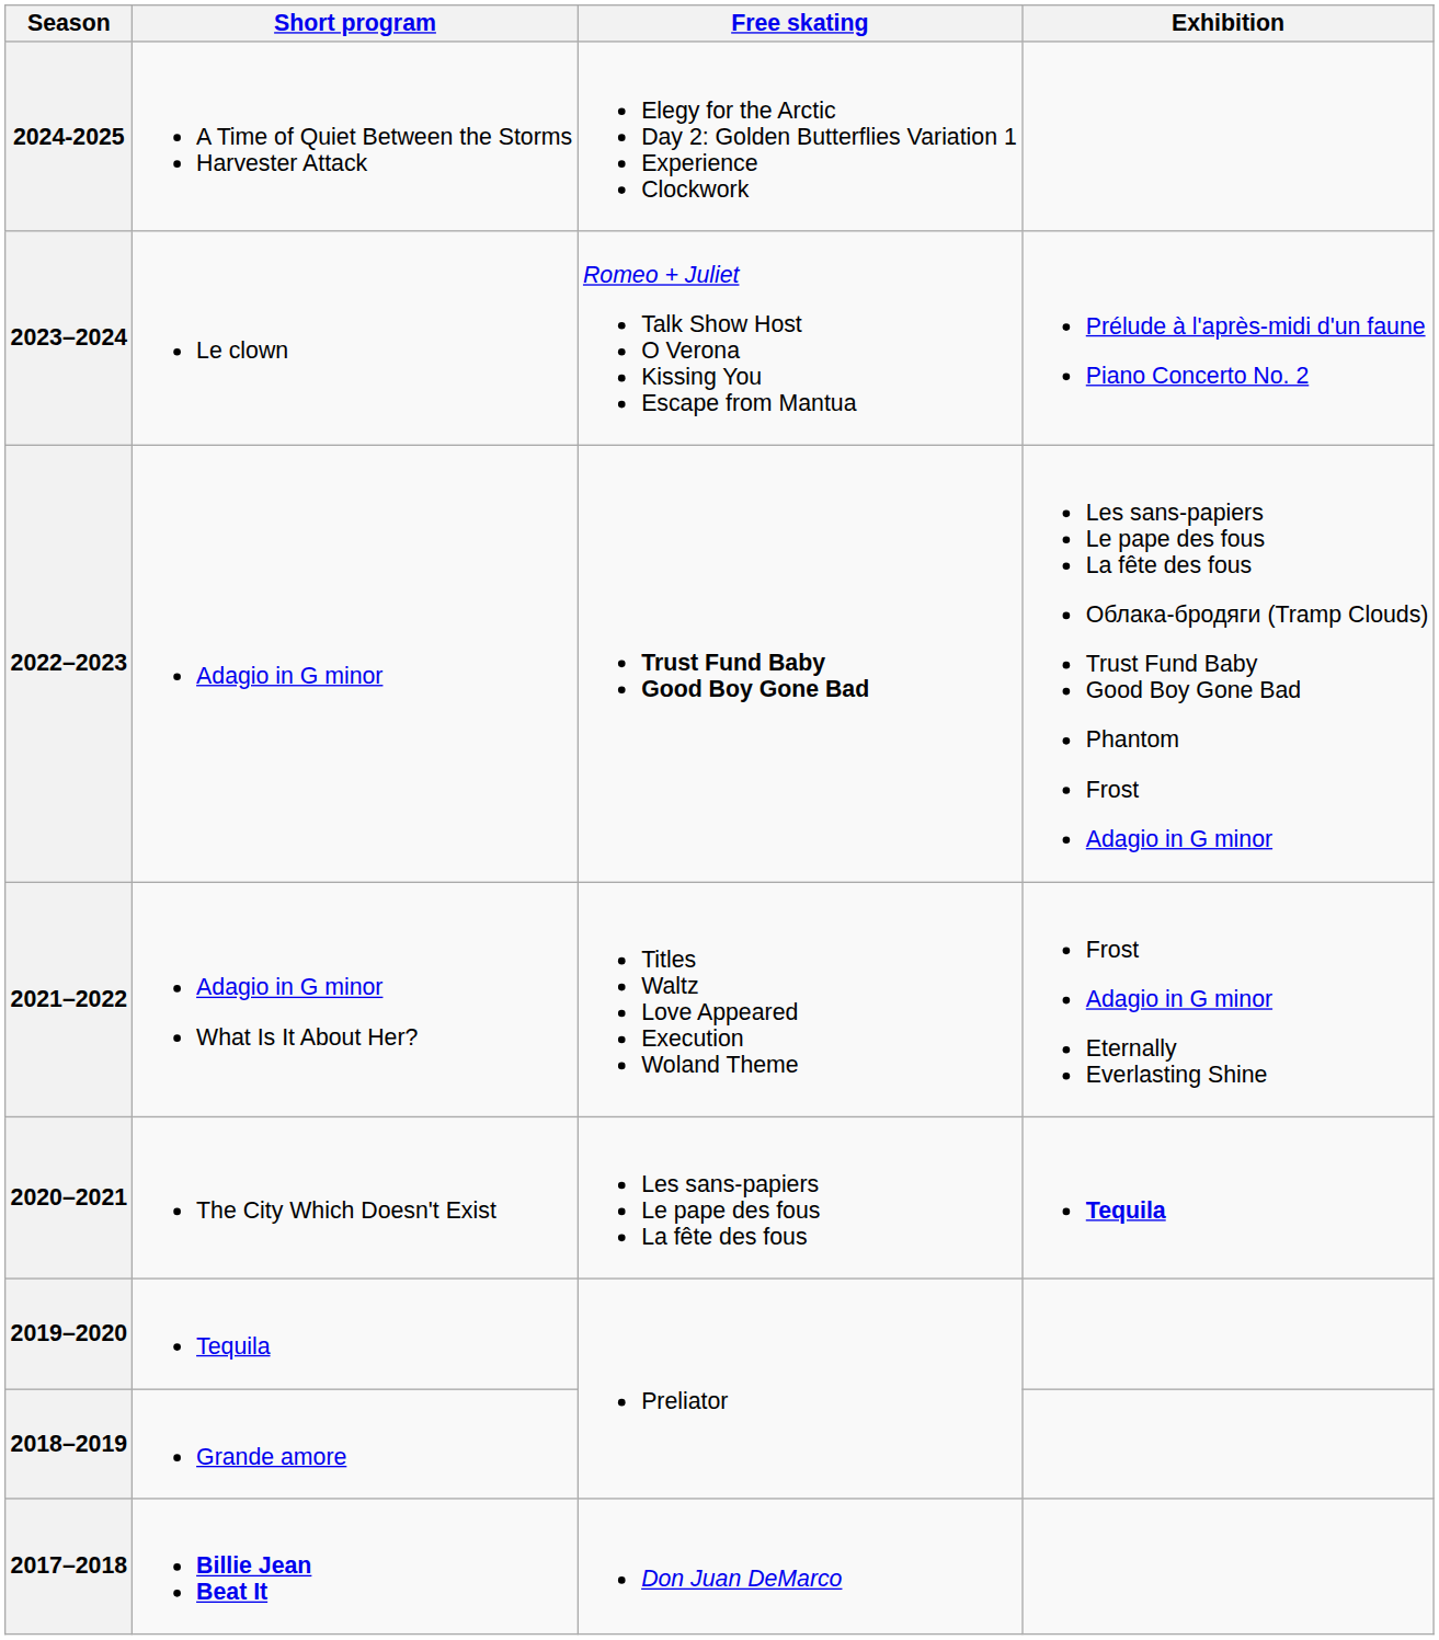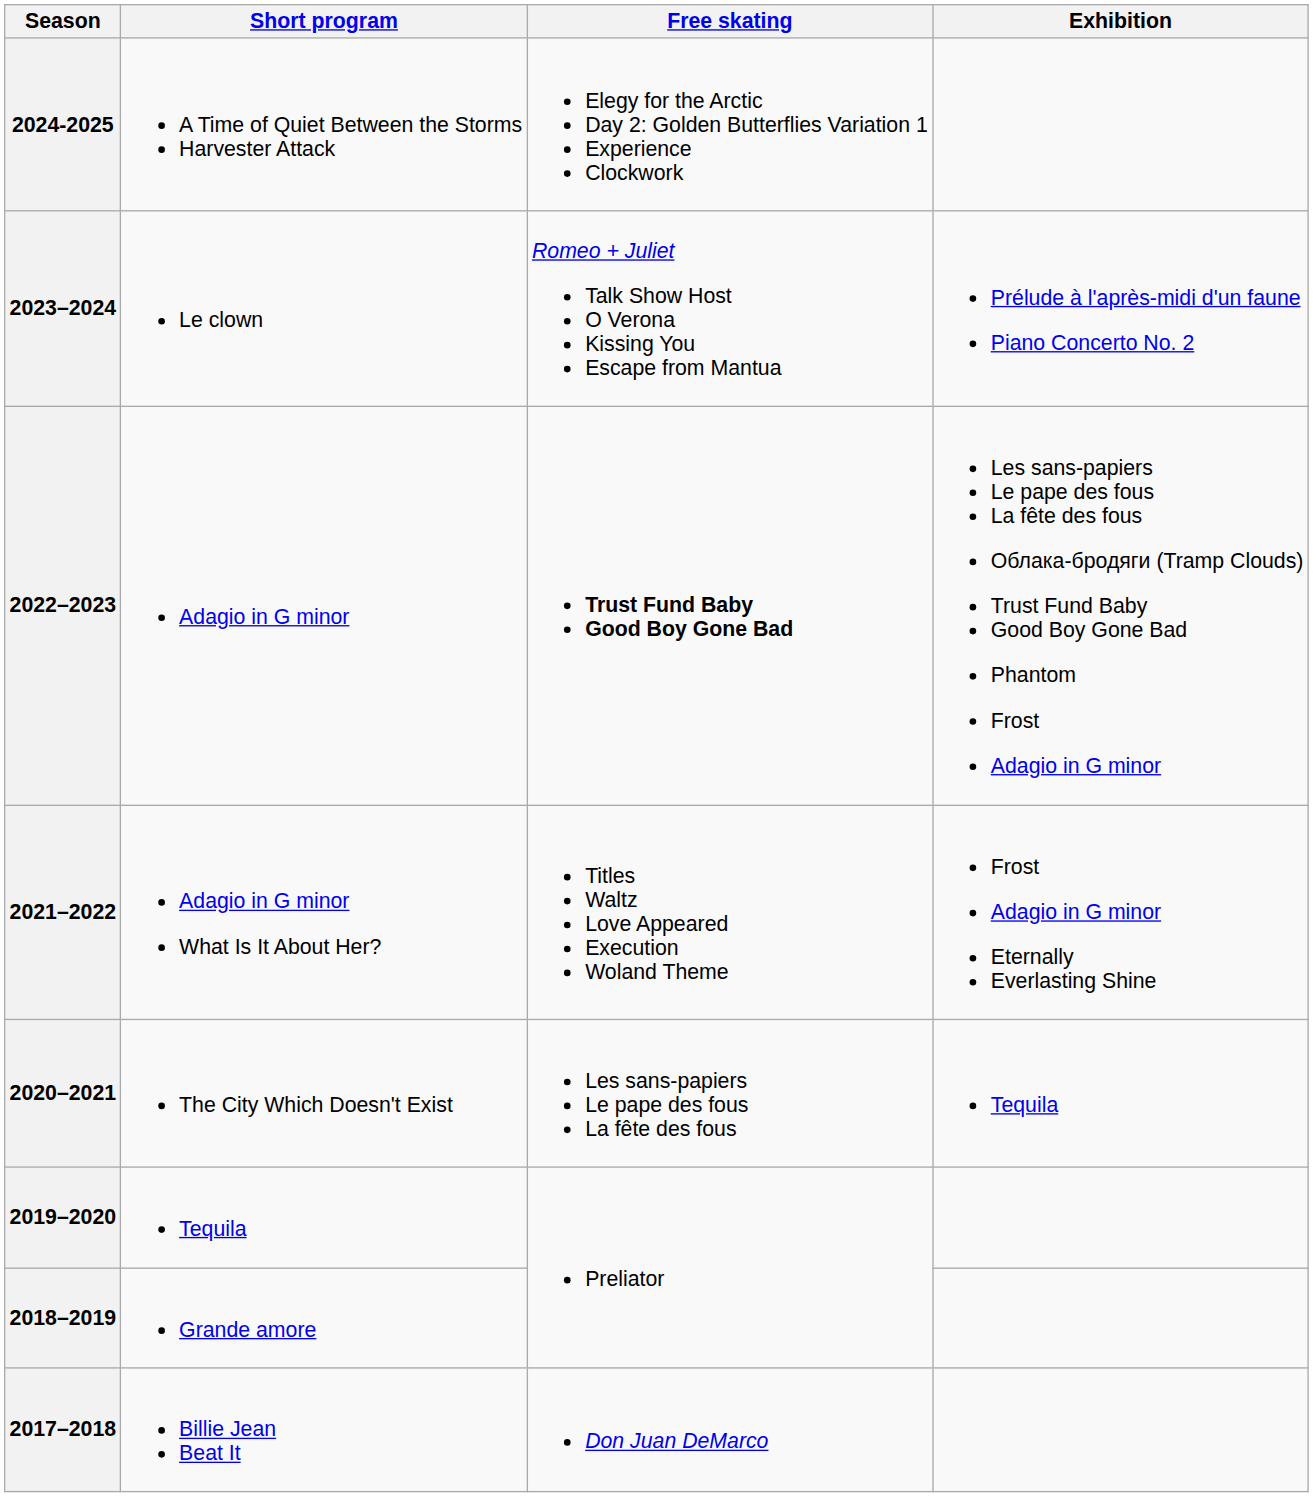 <table class="wikitable">
 <tr>
 <th>Season</th>
 <th><a href='#'>Short program</a></th>
 <th><a href='#'>Free skating</a></th>
 <th>Exhibition</th>
 </tr>
 <tr>
 <th>2024-2025</th>
 <td><br><ul><li>A Time of Quiet Between the Storms</li><li>Harvester Attack <br></li></ul></td>
 <td><br><ul><li>Elegy for the Arctic</li><li>Day 2: Golden Butterflies Variation 1</li><li>Experience<br></li><li>Clockwork<br></li></ul></td>
 <td></td>
 </tr>
 <tr>
 <th>2023–2024</th>
 <td><br><ul><li>Le clown<br></li></ul></td>
 <td><br><em><a href='#'>Romeo + Juliet</a></em><ul><li>Talk Show Host<br></li><li>O Verona<br></li><li>Kissing You<br></li><li>Escape from Mantua<br></li></ul></td>
 <td><br><ul><li><a href='#'>Prélude à l'après-midi d'un faune</a><br></li></ul><ul><li><a href='#'>Piano Concerto No. 2</a><br></li></ul></td>
 </tr>
 <tr>
 <th>2022–2023</th>
 <td><br><ul><li><a href='#'>Adagio in G minor</a><br></li></ul></td>
 <td><strong><br><ul><li>Trust Fund Baby</li><li>Good Boy Gone Bad<br></li></ul></strong></td>
 <td><br><ul><li>Les sans-papiers</li><li>Le pape des fous</li><li>La fête des fous<br></li></ul><ul><li>Облака-бродяги (Tramp Clouds)<br></li></ul><ul><li>Trust Fund Baby</li><li>Good Boy Gone Bad<br></li></ul><ul><li>Phantom<br></li></ul><ul><li>Frost<br></li></ul><ul><li><a href='#'>Adagio in G minor</a><br></li></ul></td>
 </tr>
 <tr>
 <th>2021–2022<br></th>
 <td><br><ul><li><a href='#'>Adagio in G minor</a><br></li></ul><ul><li>What Is It About Her? <br></li></ul></td>
 <td><br><ul><li>Titles</li><li>Waltz</li><li>Love Appeared</li><li>Execution</li><li>Woland Theme <br></li></ul></td>
 <td><br><ul><li>Frost<br></li></ul><ul><li><a href='#'>Adagio in G minor</a><br></li></ul><ul><li>Eternally</li><li>Everlasting Shine<br></li></ul></td>
 </tr>
 <tr>
 <th>2020–2021<br></th>
 <td><br><ul><li>The City Which Doesn't Exist<br></li></ul></td>
 <td><br><ul><li>Les sans-papiers</li><li>Le pape des fous</li><li>La fête des fous<br></li></ul></td>
-<td><strong><br><ul><li><a href='#'>Tequila</a><br></li></ul></strong></td>
+<td><br><ul><li><a href='#'>Tequila</a><br></li></ul></td>
 </tr>
 <tr>
 <th>2019–2020<br></th>
 <td><br><ul><li><a href='#'>Tequila</a><br></li></ul></td>
 <td rowspan="2"><br><ul><li>Preliator<br></li></ul></td>
 <td></td>
 </tr>
 <tr>
 <th>2018–2019<br></th>
 <td><br><ul><li><a href='#'>Grande amore</a><br></li></ul></td>
 <td></td>
 </tr>
 <tr>
 <th>2017–2018<br></th>
-<td><strong><br><ul><li><a href='#'>Billie Jean</a></li><li><a href='#'>Beat It</a><br></li></ul></strong></td>
+<td><br><ul><li><a href='#'>Billie Jean</a></li><li><a href='#'>Beat It</a><br></li></ul></td>
 <td><br><ul><li><em><a href='#'>Don Juan DeMarco</a></em><br></li></ul></td>
 <td></td>
 </tr>
 </table>
